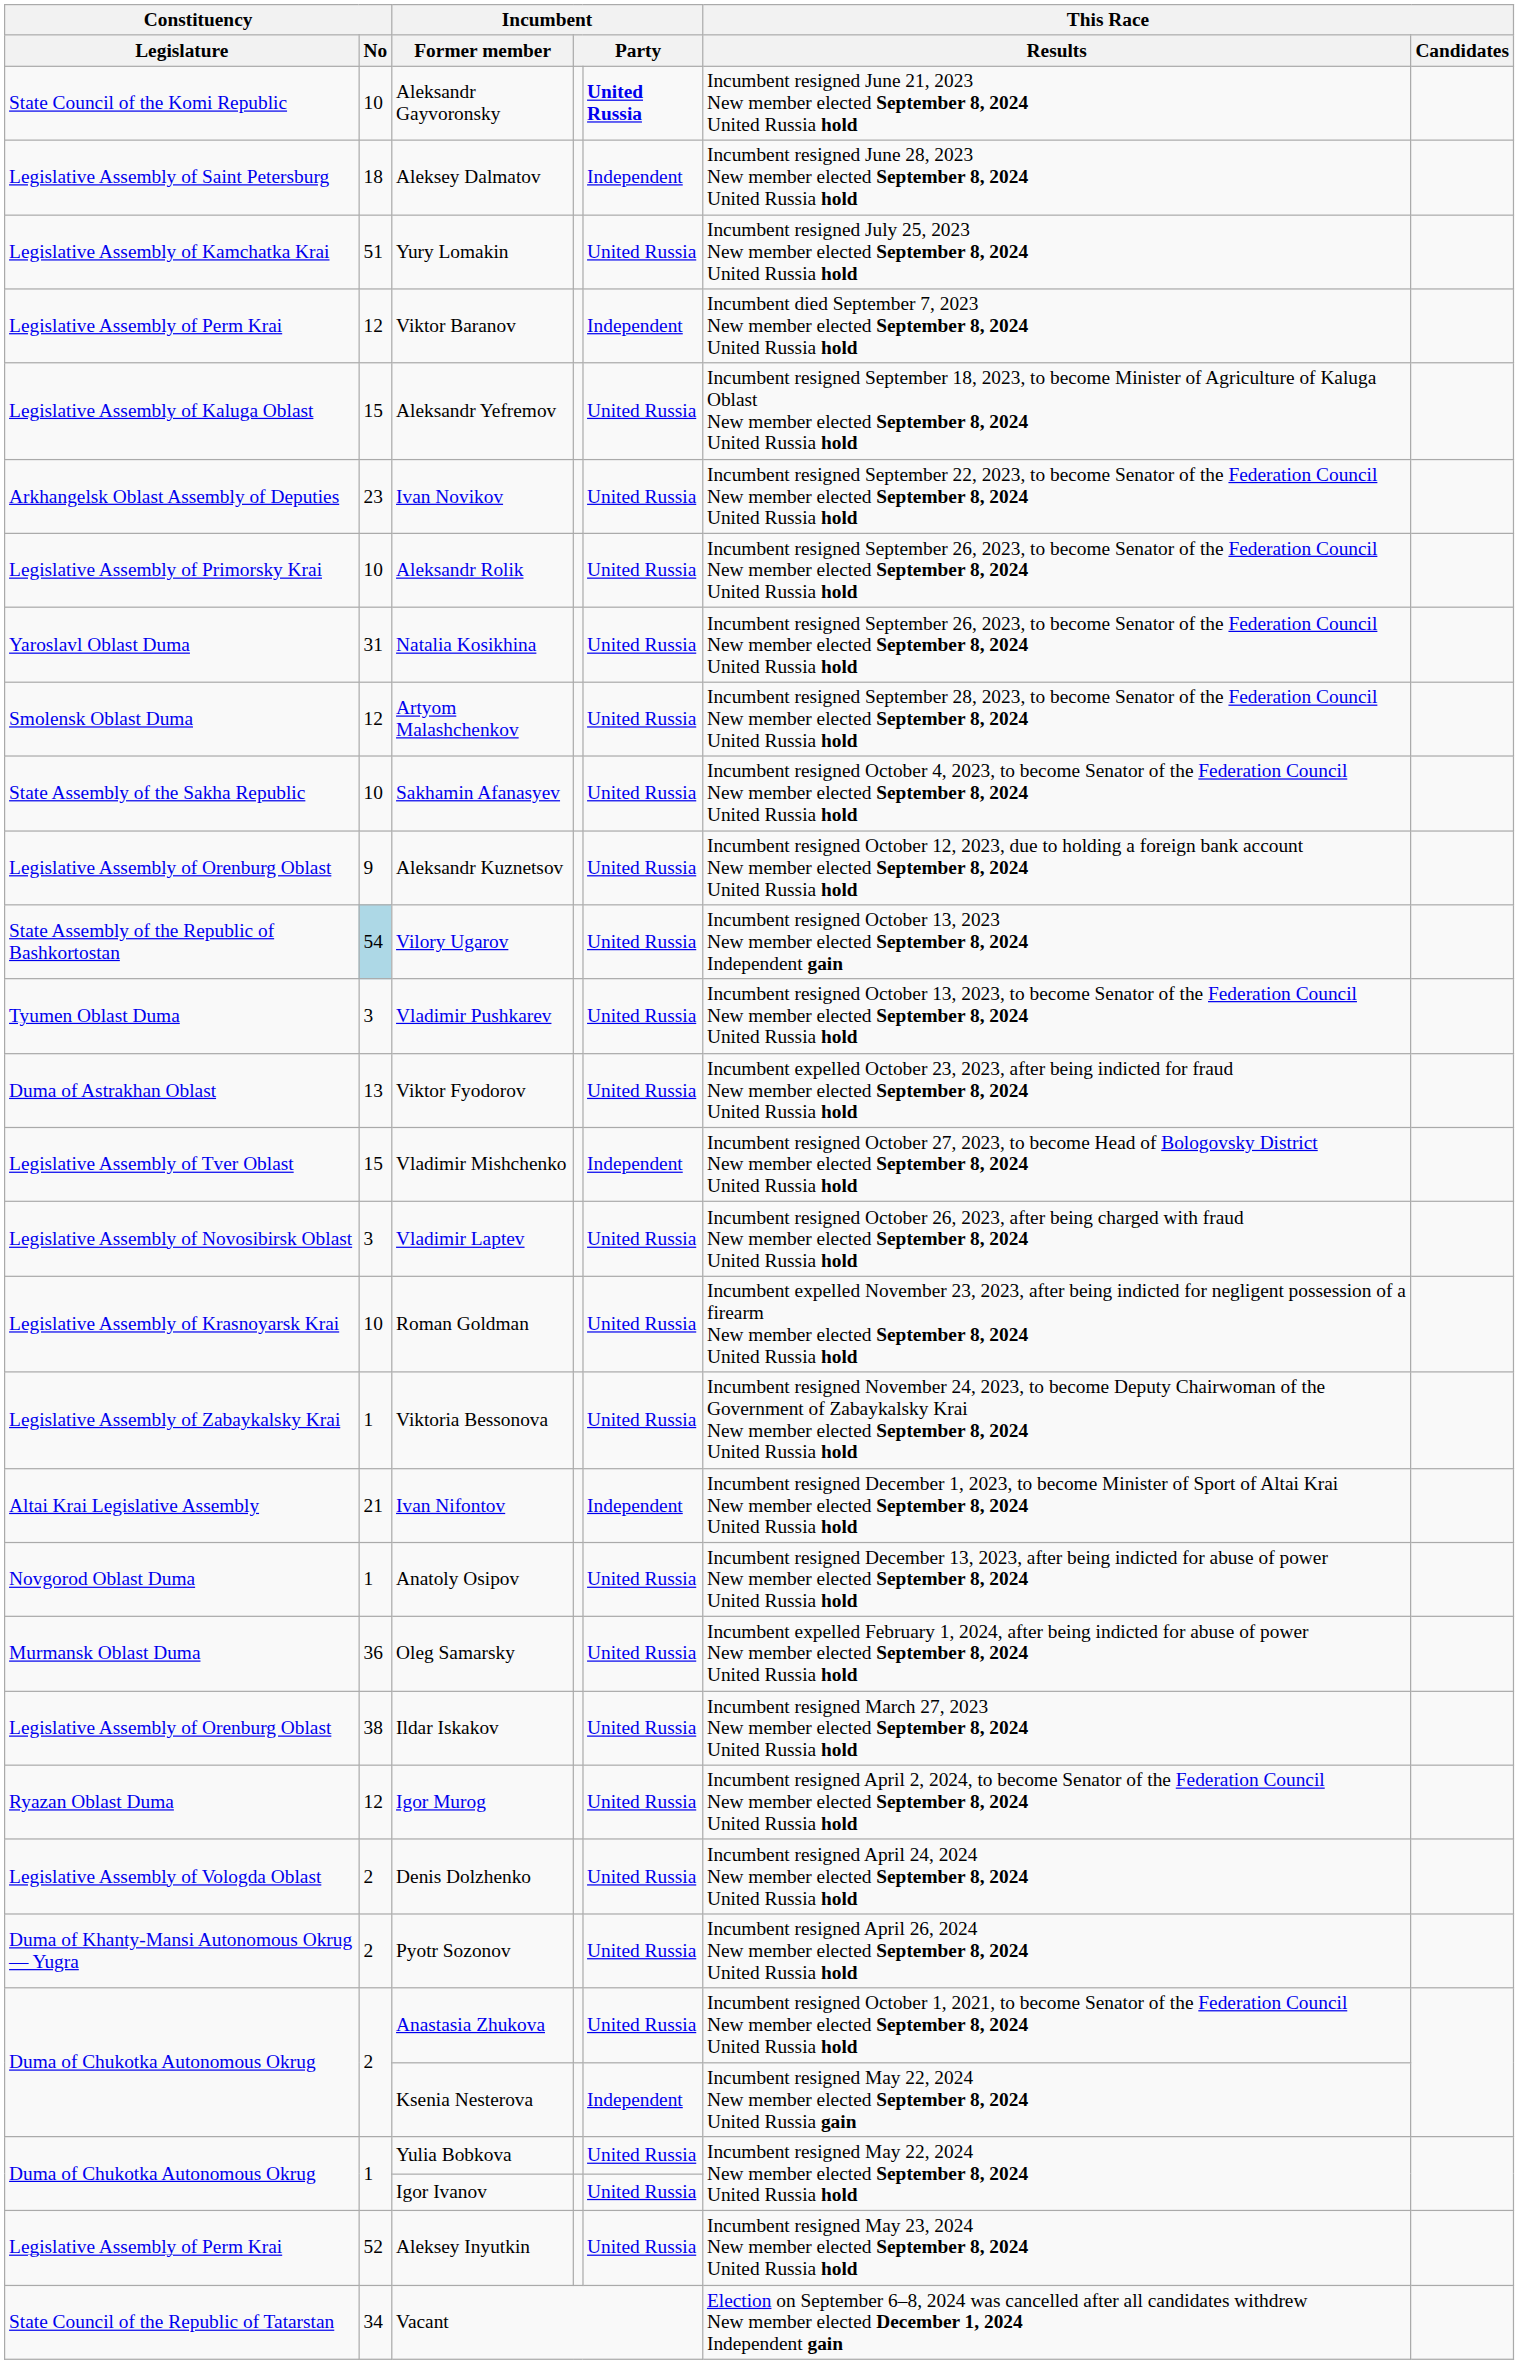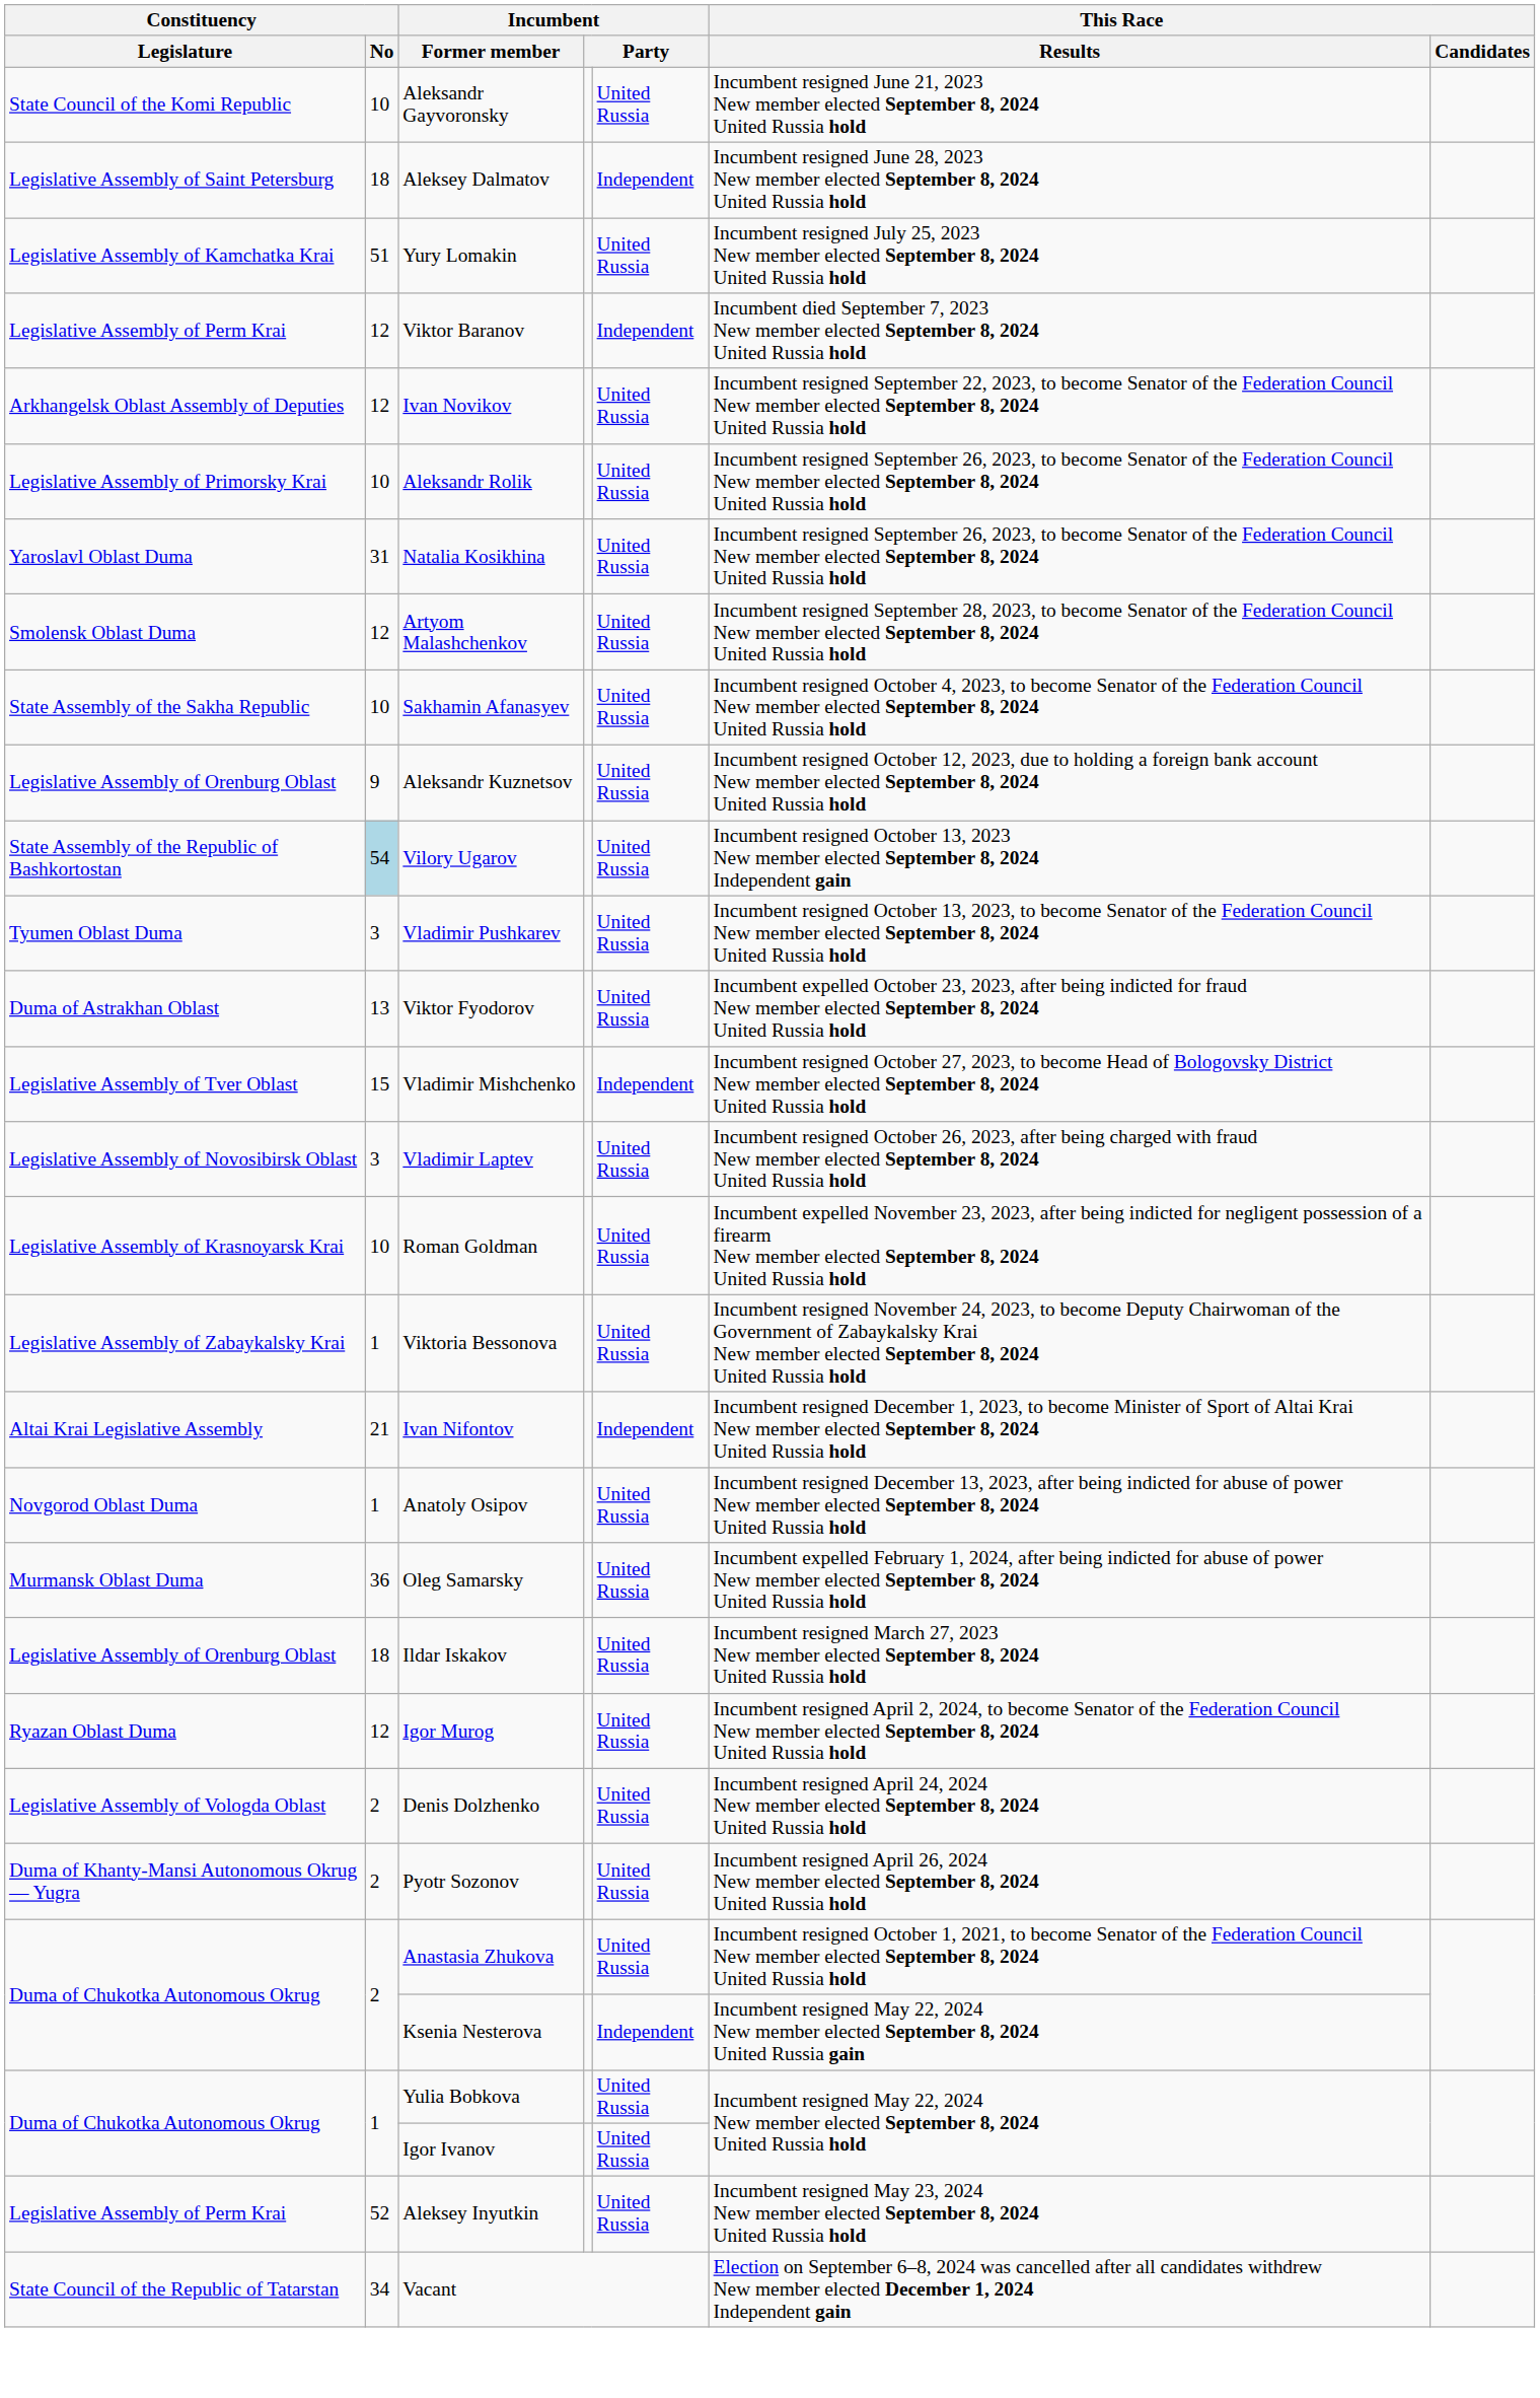 <table class="wikitable">
 <tr>
 <th colspan=2>Constituency</th>
 <th colspan=3>Incumbent</th>
 <th colspan=2>This Race</th>
 </tr>
 <tr>
 <th>Legislature</th>
 <th>No</th>
 <th>Former member</th>
 <th colspan=2>Party</th>
 <th>Results</th>
 <th>Candidates</th>
 </tr>
 <tr>
 <td><a href='#'>State Council of the Komi Republic</a></td>
 <td>10</td>
 <td>Aleksandr Gayvoronsky</td>
 <td style="background-color:"></td>
-<td><strong><a href='#'>United Russia</a></strong></td>
+<td><a href='#'>United Russia</a></td>
 <td>Incumbent resigned June 21, 2023<br>New member elected <strong>September 8, 2024</strong><br>United Russia <strong>hold</strong></td>
 <td nowrap></td>
 </tr>
 <tr>
 <td><a href='#'>Legislative Assembly of Saint Petersburg</a></td>
 <td>18</td>
 <td>Aleksey Dalmatov</td>
 <td style="background-color:"></td>
 <td><a href='#'>Independent</a></td>
 <td>Incumbent resigned June 28, 2023<br>New member elected <strong>September 8, 2024</strong><br>United Russia <strong>hold</strong></td>
 <td nowrap></td>
 </tr>
 <tr>
 <td><a href='#'>Legislative Assembly of Kamchatka Krai</a></td>
 <td>51</td>
 <td>Yury Lomakin</td>
 <td style="background-color:"></td>
 <td><a href='#'>United Russia</a></td>
 <td>Incumbent resigned July 25, 2023<br>New member elected <strong>September 8, 2024</strong><br>United Russia <strong>hold</strong></td>
 <td nowrap></td>
 </tr>
 <tr>
 <td><a href='#'>Legislative Assembly of Perm Krai</a></td>
 <td>12</td>
 <td>Viktor Baranov</td>
 <td style="background-color:"></td>
 <td><a href='#'>Independent</a></td>
 <td>Incumbent died September 7, 2023<br>New member elected <strong>September 8, 2024</strong><br>United Russia <strong>hold</strong></td>
 <td nowrap></td>
 </tr>
 <tr>
-<td><a href='#'>Legislative Assembly of Kaluga Oblast</a></td>
-<td>15</td>
-<td>Aleksandr Yefremov</td>
-<td style="background-color:"></td>
-<td><a href='#'>United Russia</a></td>
-<td>Incumbent resigned September 18, 2023, to become Minister of Agriculture of Kaluga Oblast<br>New member elected <strong>September 8, 2024</strong><br>United Russia <strong>hold</strong></td>
-<td nowrap></td>
-</tr>
-<tr>
 <td><a href='#'>Arkhangelsk Oblast Assembly of Deputies</a></td>
-<td>23</td>
+<td>12</td>
 <td><a href='#'>Ivan Novikov</a></td>
 <td style="background-color:"></td>
 <td><a href='#'>United Russia</a></td>
 <td>Incumbent resigned September 22, 2023, to become Senator of the <a href='#'>Federation Council</a><br>New member elected <strong>September 8, 2024</strong><br>United Russia <strong>hold</strong></td>
 <td nowrap></td>
 </tr>
 <tr>
 <td><a href='#'>Legislative Assembly of Primorsky Krai</a></td>
 <td>10</td>
 <td><a href='#'>Aleksandr Rolik</a></td>
 <td style="background-color:"></td>
 <td><a href='#'>United Russia</a></td>
 <td>Incumbent resigned September 26, 2023, to become Senator of the <a href='#'>Federation Council</a><br>New member elected <strong>September 8, 2024</strong><br>United Russia <strong>hold</strong></td>
 <td nowrap></td>
 </tr>
 <tr>
 <td><a href='#'>Yaroslavl Oblast Duma</a></td>
 <td>31</td>
 <td><a href='#'>Natalia Kosikhina</a></td>
 <td style="background-color:"></td>
 <td><a href='#'>United Russia</a></td>
 <td>Incumbent resigned September 26, 2023, to become Senator of the <a href='#'>Federation Council</a><br>New member elected <strong>September 8, 2024</strong><br>United Russia <strong>hold</strong></td>
 <td nowrap></td>
 </tr>
 <tr>
 <td><a href='#'>Smolensk Oblast Duma</a></td>
 <td>12</td>
 <td><a href='#'>Artyom Malashchenkov</a></td>
 <td style="background-color:"></td>
 <td><a href='#'>United Russia</a></td>
 <td>Incumbent resigned September 28, 2023, to become Senator of the <a href='#'>Federation Council</a><br>New member elected <strong>September 8, 2024</strong><br>United Russia <strong>hold</strong></td>
 <td nowrap></td>
 </tr>
 <tr>
 <td><a href='#'>State Assembly of the Sakha Republic</a></td>
 <td>10</td>
 <td><a href='#'>Sakhamin Afanasyev</a></td>
 <td style="background-color:"></td>
 <td><a href='#'>United Russia</a></td>
 <td>Incumbent resigned October 4, 2023, to become Senator of the <a href='#'>Federation Council</a><br>New member elected <strong>September 8, 2024</strong><br>United Russia <strong>hold</strong></td>
 <td nowrap></td>
 </tr>
 <tr>
 <td><a href='#'>Legislative Assembly of Orenburg Oblast</a></td>
 <td>9</td>
 <td>Aleksandr Kuznetsov</td>
 <td style="background-color:"></td>
 <td><a href='#'>United Russia</a></td>
 <td>Incumbent resigned October 12, 2023, due to holding a foreign bank account<br>New member elected <strong>September 8, 2024</strong><br>United Russia <strong>hold</strong></td>
 <td nowrap></td>
 </tr>
 <tr>
 <td><a href='#'>State Assembly of the Republic of Bashkortostan</a></td>
 <td style="background: lightblue;">54</td>
 <td><a href='#'>Vilory Ugarov</a></td>
 <td style="background-color:"></td>
 <td><a href='#'>United Russia</a></td>
 <td>Incumbent resigned October 13, 2023<br>New member elected <strong>September 8, 2024</strong><br>Independent <strong>gain</strong></td>
 <td nowrap></td>
 </tr>
 <tr>
 <td><a href='#'>Tyumen Oblast Duma</a></td>
 <td>3</td>
 <td><a href='#'>Vladimir Pushkarev</a></td>
 <td style="background-color:"></td>
 <td><a href='#'>United Russia</a></td>
 <td>Incumbent resigned October 13, 2023, to become Senator of the <a href='#'>Federation Council</a><br>New member elected <strong>September 8, 2024</strong><br>United Russia <strong>hold</strong></td>
 <td nowrap></td>
 </tr>
 <tr>
 <td><a href='#'>Duma of Astrakhan Oblast</a></td>
 <td>13</td>
 <td>Viktor Fyodorov</td>
 <td style="background-color:"></td>
 <td><a href='#'>United Russia</a></td>
 <td>Incumbent expelled October 23, 2023, after being indicted for fraud<br>New member elected <strong>September 8, 2024</strong><br>United Russia <strong>hold</strong></td>
 <td nowrap></td>
 </tr>
 <tr>
 <td><a href='#'>Legislative Assembly of Tver Oblast</a></td>
 <td>15</td>
 <td>Vladimir Mishchenko</td>
 <td style="background-color:"></td>
 <td><a href='#'>Independent</a></td>
 <td>Incumbent resigned October 27, 2023, to become Head of <a href='#'>Bologovsky District</a><br>New member elected <strong>September 8, 2024</strong><br>United Russia <strong>hold</strong></td>
 <td nowrap></td>
 </tr>
 <tr>
 <td><a href='#'>Legislative Assembly of Novosibirsk Oblast</a></td>
 <td>3</td>
 <td><a href='#'>Vladimir Laptev</a></td>
 <td style="background-color:"></td>
 <td><a href='#'>United Russia</a></td>
 <td>Incumbent resigned October 26, 2023, after being charged with fraud<br>New member elected <strong>September 8, 2024</strong><br>United Russia <strong>hold</strong></td>
 <td nowrap></td>
 </tr>
 <tr>
 <td><a href='#'>Legislative Assembly of Krasnoyarsk Krai</a></td>
 <td>10</td>
 <td>Roman Goldman</td>
 <td style="background-color:"></td>
 <td><a href='#'>United Russia</a></td>
 <td>Incumbent expelled November 23, 2023, after being indicted for negligent possession of a firearm<br>New member elected <strong>September 8, 2024</strong><br>United Russia <strong>hold</strong></td>
 <td nowrap></td>
 </tr>
 <tr>
 <td><a href='#'>Legislative Assembly of Zabaykalsky Krai</a></td>
 <td>1</td>
 <td>Viktoria Bessonova</td>
 <td style="background-color:"></td>
 <td><a href='#'>United Russia</a></td>
 <td>Incumbent resigned November 24, 2023, to become Deputy Chairwoman of the Government of Zabaykalsky Krai<br>New member elected <strong>September 8, 2024</strong><br>United Russia <strong>hold</strong></td>
 <td nowrap></td>
 </tr>
 <tr>
 <td><a href='#'>Altai Krai Legislative Assembly</a></td>
 <td>21</td>
 <td><a href='#'>Ivan Nifontov</a></td>
 <td style="background-color:"></td>
 <td><a href='#'>Independent</a></td>
 <td>Incumbent resigned December 1, 2023, to become Minister of Sport of Altai Krai<br>New member elected <strong>September 8, 2024</strong><br>United Russia <strong>hold</strong></td>
 <td nowrap></td>
 </tr>
 <tr>
 <td><a href='#'>Novgorod Oblast Duma</a></td>
 <td>1</td>
 <td>Anatoly Osipov</td>
 <td style="background-color:"></td>
 <td><a href='#'>United Russia</a></td>
 <td>Incumbent resigned December 13, 2023, after being indicted for abuse of power<br>New member elected <strong>September 8, 2024</strong><br>United Russia <strong>hold</strong></td>
 <td nowrap></td>
 </tr>
 <tr>
 <td><a href='#'>Murmansk Oblast Duma</a></td>
 <td>36</td>
 <td>Oleg Samarsky</td>
 <td style="background-color:"></td>
 <td><a href='#'>United Russia</a></td>
 <td>Incumbent expelled February 1, 2024, after being indicted for abuse of power<br>New member elected <strong>September 8, 2024</strong><br>United Russia <strong>hold</strong></td>
 <td nowrap></td>
 </tr>
 <tr>
 <td><a href='#'>Legislative Assembly of Orenburg Oblast</a></td>
-<td>38</td>
+<td>18</td>
 <td>Ildar Iskakov</td>
 <td style="background-color:"></td>
 <td><a href='#'>United Russia</a></td>
 <td>Incumbent resigned March 27, 2023<br>New member elected <strong>September 8, 2024</strong><br>United Russia <strong>hold</strong></td>
 <td nowrap></td>
 </tr>
 <tr>
 <td><a href='#'>Ryazan Oblast Duma</a></td>
 <td>12</td>
 <td><a href='#'>Igor Murog</a></td>
 <td style="background-color:"></td>
 <td><a href='#'>United Russia</a></td>
 <td>Incumbent resigned April 2, 2024, to become Senator of the <a href='#'>Federation Council</a><br>New member elected <strong>September 8, 2024</strong><br>United Russia <strong>hold</strong></td>
 <td nowrap></td>
 </tr>
 <tr>
 <td><a href='#'>Legislative Assembly of Vologda Oblast</a></td>
 <td>2</td>
 <td>Denis Dolzhenko</td>
 <td style="background-color:"></td>
 <td><a href='#'>United Russia</a></td>
 <td>Incumbent resigned April 24, 2024<br>New member elected <strong>September 8, 2024</strong><br>United Russia <strong>hold</strong></td>
 <td nowrap></td>
 </tr>
 <tr>
 <td><a href='#'>Duma of Khanty-Mansi Autonomous Okrug — Yugra</a></td>
 <td>2</td>
 <td>Pyotr Sozonov</td>
 <td style="background-color:"></td>
 <td><a href='#'>United Russia</a></td>
 <td>Incumbent resigned April 26, 2024<br>New member elected <strong>September 8, 2024</strong><br>United Russia <strong>hold</strong></td>
 <td nowrap></td>
 </tr>
 <tr>
 <td rowspan=2><a href='#'>Duma of Chukotka Autonomous Okrug</a></td>
 <td rowspan=2>2</td>
 <td><a href='#'>Anastasia Zhukova</a></td>
 <td style="background-color:"></td>
 <td><a href='#'>United Russia</a></td>
 <td>Incumbent resigned October 1, 2021, to become Senator of the <a href='#'>Federation Council</a> <br>New member elected <strong>September 8, 2024</strong><br>United Russia <strong>hold</strong></td>
 <td rowspan=2></td>
 </tr>
 <tr>
 <td>Ksenia Nesterova</td>
 <td style="background-color:"></td>
 <td><a href='#'>Independent</a></td>
 <td>Incumbent resigned May 22, 2024<br>New member elected <strong>September 8, 2024</strong><br>United Russia <strong>gain</strong></td>
 </tr>
 <tr>
 <td rowspan=2><a href='#'>Duma of Chukotka Autonomous Okrug</a></td>
 <td rowspan=2>1</td>
 <td>Yulia Bobkova</td>
 <td style="background-color:"></td>
 <td><a href='#'>United Russia</a></td>
 <td rowspan=2>Incumbent resigned May 22, 2024<br>New member elected <strong>September 8, 2024</strong><br>United Russia <strong>hold</strong></td>
 <td rowspan=2></td>
 </tr>
 <tr>
 <td>Igor Ivanov</td>
 <td style="background-color:"></td>
 <td><a href='#'>United Russia</a></td>
 </tr>
 <tr>
 <td><a href='#'>Legislative Assembly of Perm Krai</a></td>
 <td>52</td>
 <td>Aleksey Inyutkin</td>
 <td style="background-color:"></td>
 <td><a href='#'>United Russia</a></td>
 <td>Incumbent resigned May 23, 2024<br>New member elected <strong>September 8, 2024</strong><br>United Russia <strong>hold</strong></td>
 <td nowrap></td>
 </tr>
 <tr>
 <td><a href='#'>State Council of the Republic of Tatarstan</a></td>
 <td>34</td>
 <td colspan=3>Vacant</td>
 <td><a href='#'>Election</a> on September 6–8, 2024 was cancelled after all candidates withdrew<br>New member elected <strong>December 1, 2024</strong><br>Independent <strong>gain</strong></td>
 <td nowrap></td>
 </tr>
 </table>
